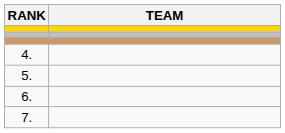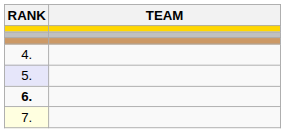 <table class="wikitable" style="border-collapse: collapse; font-size: 90%;">
 <tr>
 <th>RANK</th>
 <th align="left" style="width: 17em">TEAM</th>
 </tr>
 <tr bgcolor=gold>
 <td align="center"></td>
 <td></td>
 </tr>
 <tr bgcolor=silver>
 <td align="center"></td>
 <td></td>
 </tr>
 <tr bgcolor=cc9966>
 <td align="center"></td>
 <td></td>
 </tr>
 <tr>
 <td align="center">4.</td>
 <td></td>
 </tr>
 <tr>
-<td align="center">5.</td>
+<td align="center" style="background: lavender;">5.</td>
 <td></td>
 </tr>
 <tr>
-<td align="center">6.</td>
+<td align="center"><strong>6.</strong></td>
 <td></td>
 </tr>
 <tr>
-<td align="center">7.</td>
+<td align="center" style="background: lightyellow;">7.</td>
 <td></td>
 </tr>
 </table>
